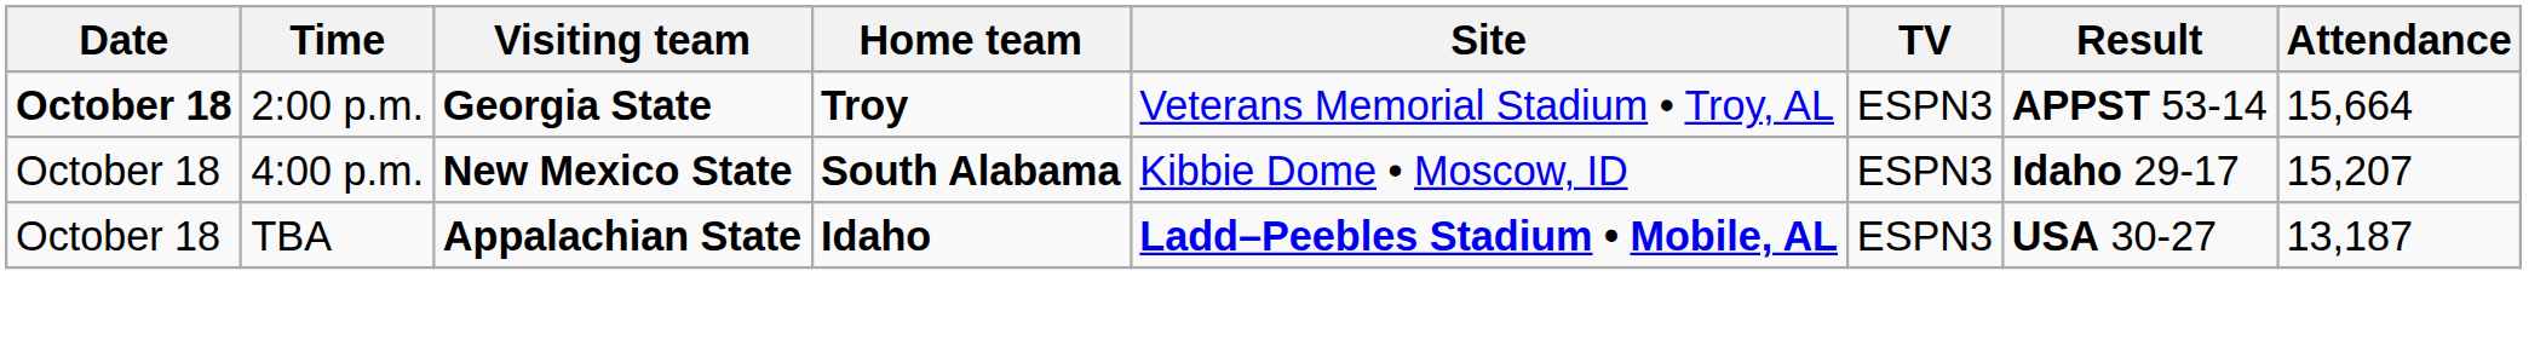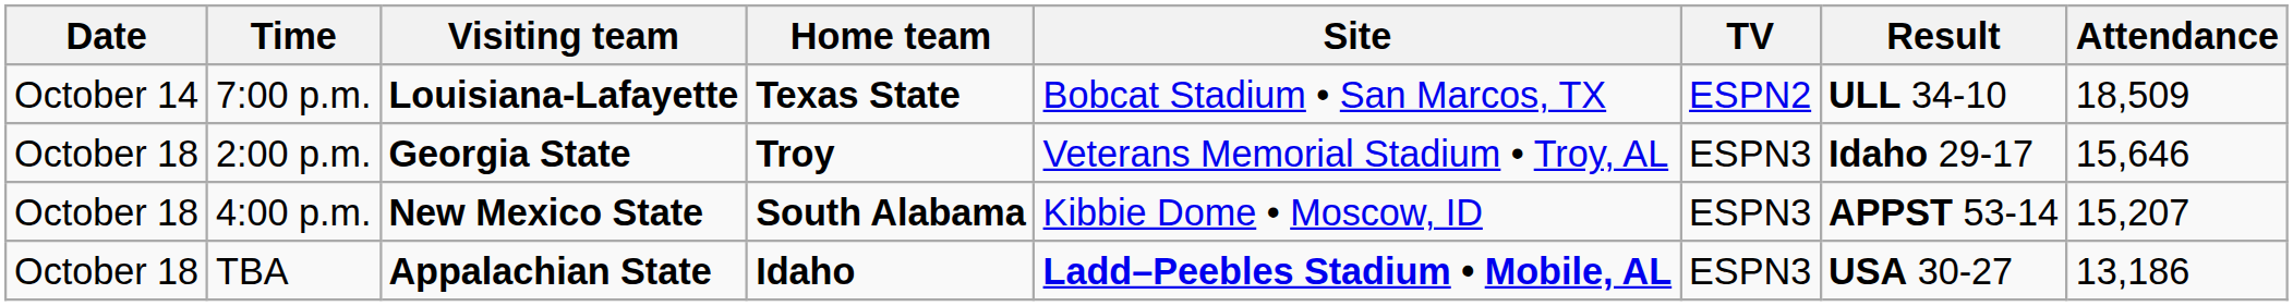 <table class="wikitable" style="font-size:95%;">
 <tr>
 <th>Date</th>
 <th>Time</th>
 <th>Visiting team</th>
 <th>Home team</th>
 <th>Site</th>
 <th>TV</th>
 <th>Result</th>
 <th>Attendance</th>
 </tr>
 <tr style="background:">
-<td><strong>October 18</strong></td>
+<td>October 14</td>
+<td>7:00 p.m.</td>
+<td><strong>Louisiana-Lafayette</strong></td>
+<td><strong>Texas State</strong></td>
+<td><a href='#'>Bobcat Stadium</a> • <a href='#'>San Marcos, TX</a></td>
+<td><a href='#'>ESPN2</a></td>
+<td><strong>ULL</strong> 34-10</td>
+<td>18,509</td>
+</tr>
+<tr style="background:">
+<td>October 18</td>
 <td>2:00 p.m.</td>
 <td><strong>Georgia State</strong></td>
 <td><strong>Troy</strong></td>
 <td><a href='#'>Veterans Memorial Stadium</a> • <a href='#'>Troy, AL</a></td>
 <td>ESPN3</td>
-<td><strong>APPST</strong> 53-14</td>
-<td>15,664</td>
+<td><strong>Idaho</strong> 29-17</td>
+<td>15,646</td>
 </tr>
 <tr style="background:">
 <td>October 18</td>
 <td>4:00 p.m.</td>
 <td><strong>New Mexico State</strong></td>
 <td><strong>South Alabama</strong></td>
 <td><a href='#'>Kibbie Dome</a> • <a href='#'>Moscow, ID</a></td>
 <td>ESPN3</td>
-<td><strong>Idaho</strong> 29-17</td>
+<td><strong>APPST</strong> 53-14</td>
 <td>15,207</td>
 </tr>
 <tr style="background:">
 <td>October 18</td>
 <td>TBA</td>
 <td><strong>Appalachian State</strong></td>
 <td><strong>Idaho</strong></td>
 <td><strong><a href='#'>Ladd–Peebles Stadium</a> • <a href='#'>Mobile, AL</a></strong></td>
 <td>ESPN3</td>
 <td><strong>USA</strong> 30-27</td>
-<td>13,187</td>
+<td>13,186</td>
 </tr>
 </table>
